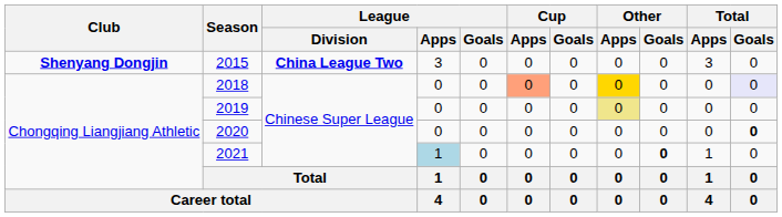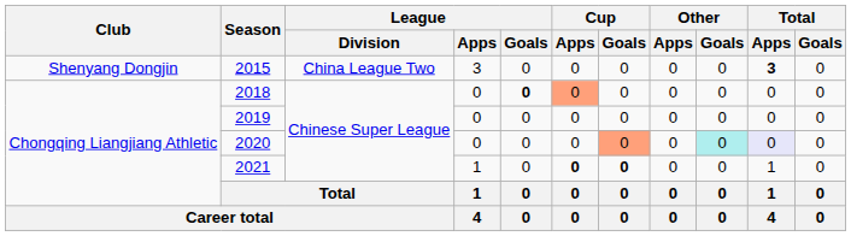 <table class="wikitable" style="text-align: center">
 <tr>
 <th rowspan="2">Club</th>
 <th rowspan="2">Season</th>
 <th colspan="3">League</th>
 <th colspan="2">Cup</th>
 <th colspan="2">Other</th>
 <th colspan="2">Total</th>
 </tr>
 <tr>
 <th>Division</th>
 <th>Apps</th>
 <th>Goals</th>
 <th>Apps</th>
 <th>Goals</th>
 <th>Apps</th>
 <th>Goals</th>
 <th>Apps</th>
 <th>Goals</th>
 </tr>
 <tr>
-<td><strong><a href='#'>Shenyang Dongjin</a></strong></td>
+<td><a href='#'>Shenyang Dongjin</a></td>
 <td><a href='#'>2015</a></td>
-<td><strong><a href='#'>China League Two</a></strong></td>
+<td><a href='#'>China League Two</a></td>
 <td>3</td>
 <td>0</td>
 <td>0</td>
 <td>0</td>
 <td>0</td>
 <td>0</td>
-<td>3</td>
+<td><strong>3</strong></td>
 <td>0</td>
 </tr>
 <tr>
 <td rowspan="5"><a href='#'>Chongqing Liangjiang Athletic</a></td>
 <td><a href='#'>2018</a></td>
 <td rowspan="4"><a href='#'>Chinese Super League</a></td>
 <td>0</td>
-<td>0</td>
+<td><strong>0</strong></td>
 <td style="background: lightsalmon;">0</td>
 <td>0</td>
-<td style="background: gold;">0</td>
 <td>0</td>
 <td>0</td>
-<td style="background: lavender;">0</td>
+<td>0</td>
+<td>0</td>
 </tr>
 <tr>
 <td><a href='#'>2019</a></td>
 <td>0</td>
 <td>0</td>
 <td>0</td>
 <td>0</td>
-<td style="background: khaki;">0</td>
+<td>0</td>
 <td>0</td>
 <td>0</td>
 <td>0</td>
 </tr>
 <tr>
 <td><a href='#'>2020</a></td>
 <td>0</td>
 <td>0</td>
 <td>0</td>
+<td style="background: lightsalmon;">0</td>
 <td>0</td>
+<td style="background: paleturquoise;">0</td>
+<td style="background: lavender;">0</td>
 <td>0</td>
-<td>0</td>
-<td>0</td>
-<td><strong>0</strong></td>
 </tr>
 <tr>
 <td><a href='#'>2021</a></td>
-<td style="background: lightblue;">1</td>
+<td>1</td>
+<td>0</td>
+<td><strong>0</strong></td>
+<td><strong>0</strong></td>
 <td>0</td>
 <td>0</td>
-<td>0</td>
-<td>0</td>
-<td><strong>0</strong></td>
 <td>1</td>
 <td>0</td>
 </tr>
 <tr>
 <th colspan=2>Total</th>
 <th>1</th>
 <th>0</th>
 <th>0</th>
 <th>0</th>
 <th>0</th>
 <th>0</th>
 <th>1</th>
 <th>0</th>
 </tr>
 <tr>
 <th colspan=3>Career total</th>
 <th>4</th>
 <th>0</th>
 <th>0</th>
 <th>0</th>
 <th>0</th>
 <th>0</th>
 <th>4</th>
 <th>0</th>
 </tr>
 </table>
